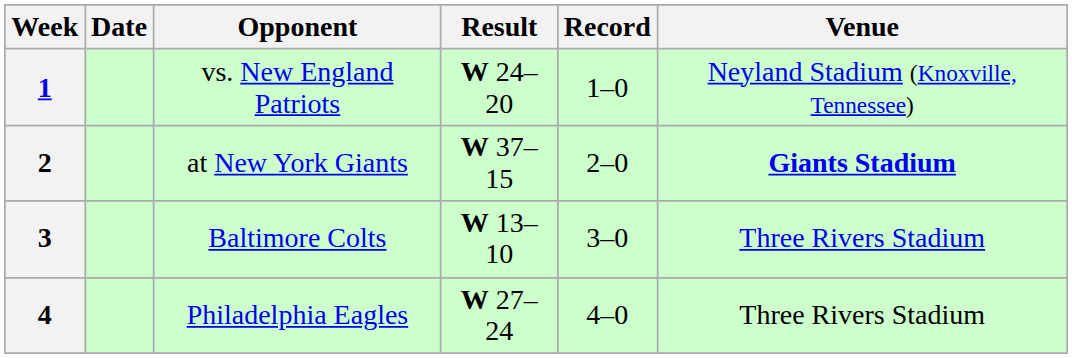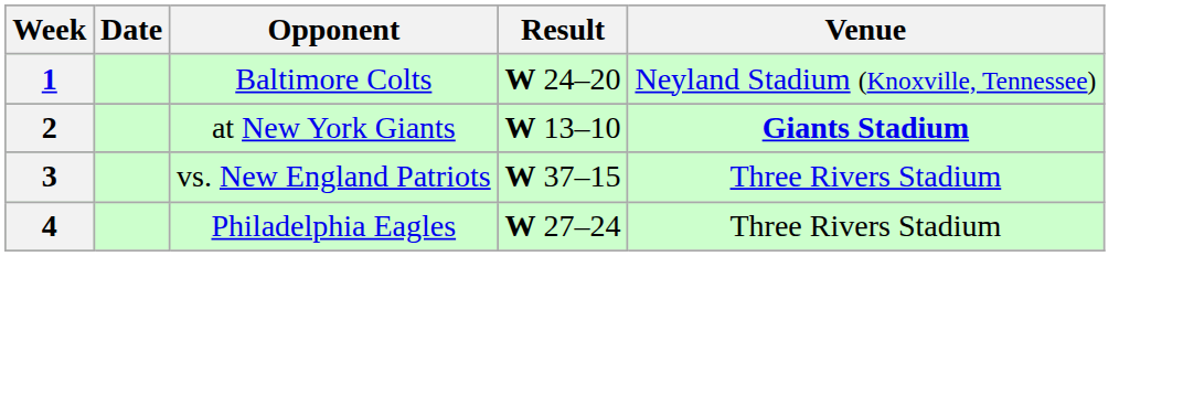 <table class="wikitable" style="text-align:center">
 <tr>
 <th>Week</th>
 <th>Date</th>
 <th>Opponent</th>
 <th>Result</th>
-<th>Record</th>
 <th>Venue</th>
 </tr>
 <tr style="background:#cfc">
 <th><a href='#'>1</a></th>
 <td></td>
-<td>vs. <a href='#'>New England Patriots</a></td>
+<td><a href='#'>Baltimore Colts</a></td>
 <td><strong>W</strong> 24–20</td>
-<td>1–0</td>
 <td><a href='#'>Neyland Stadium</a> <small>(<a href='#'>Knoxville, Tennessee</a>)</small></td>
 </tr>
 <tr style="background:#cfc">
 <th>2</th>
 <td></td>
 <td>at <a href='#'>New York Giants</a></td>
-<td><strong>W</strong> 37–15</td>
-<td>2–0</td>
+<td><strong>W</strong> 13–10</td>
 <td><strong><a href='#'>Giants Stadium</a></strong></td>
 </tr>
 <tr style="background:#cfc">
 <th>3</th>
 <td></td>
-<td><a href='#'>Baltimore Colts</a></td>
-<td><strong>W</strong> 13–10</td>
-<td>3–0</td>
+<td>vs. <a href='#'>New England Patriots</a></td>
+<td><strong>W</strong> 37–15</td>
 <td><a href='#'>Three Rivers Stadium</a></td>
 </tr>
 <tr style="background:#cfc">
 <th>4</th>
 <td></td>
 <td><a href='#'>Philadelphia Eagles</a></td>
 <td><strong>W</strong> 27–24</td>
-<td>4–0</td>
 <td>Three Rivers Stadium</td>
 </tr>
 </table>
